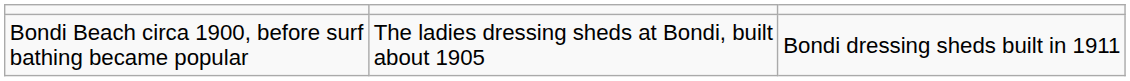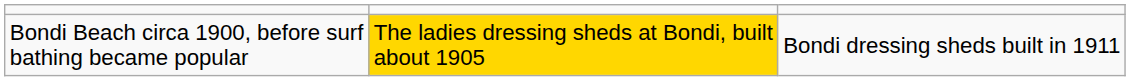 <table class="wikitable" border="1">
 <tr>
 <td></td>
 <td></td>
 <td></td>
 </tr>
 <tr>
 <td>Bondi Beach circa 1900, before surf <br>bathing became popular</td>
-<td>The ladies dressing sheds at Bondi, built<br> about 1905</td>
+<td style="background: gold;">The ladies dressing sheds at Bondi, built<br> about 1905</td>
 <td>Bondi dressing sheds built in 1911</td>
 </tr>
 </table>
